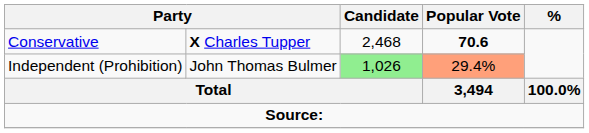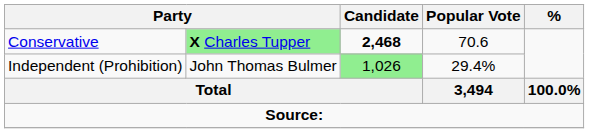 <table class="wikitable">
 <tr>
 <th colspan="2">Party</th>
 <th>Candidate</th>
 <th>Popular Vote</th>
 <th>%</th>
 </tr>
 <tr>
 <td><a href='#'>Conservative</a></td>
-<td> <strong>X</strong> <a href='#'>Charles Tupper</a></td>
-<td align=center>2,468</td>
-<td align=center><strong>70.6</strong></td>
+<td style="background: lightgreen;"> <strong>X</strong> <a href='#'>Charles Tupper</a></td>
+<td align=center><strong>2,468</strong></td>
+<td align=center>70.6</td>
 </tr>
 <tr>
 <td>Independent (Prohibition)</td>
 <td>John Thomas Bulmer</td>
 <td align=center style="background: lightgreen;">1,026</td>
-<td align=center style="background: lightsalmon;">29.4%</td>
+<td align=center>29.4%</td>
 </tr>
 <tr>
 <th colspan=3 align=center>Total</th>
 <th align=right>3,494</th>
 <th align=right>100.0%</th>
 </tr>
 <tr>
 <td align="center" colspan=5><strong>Source:</strong> </td>
 </tr>
 <tr>
 </tr>
 </table>
